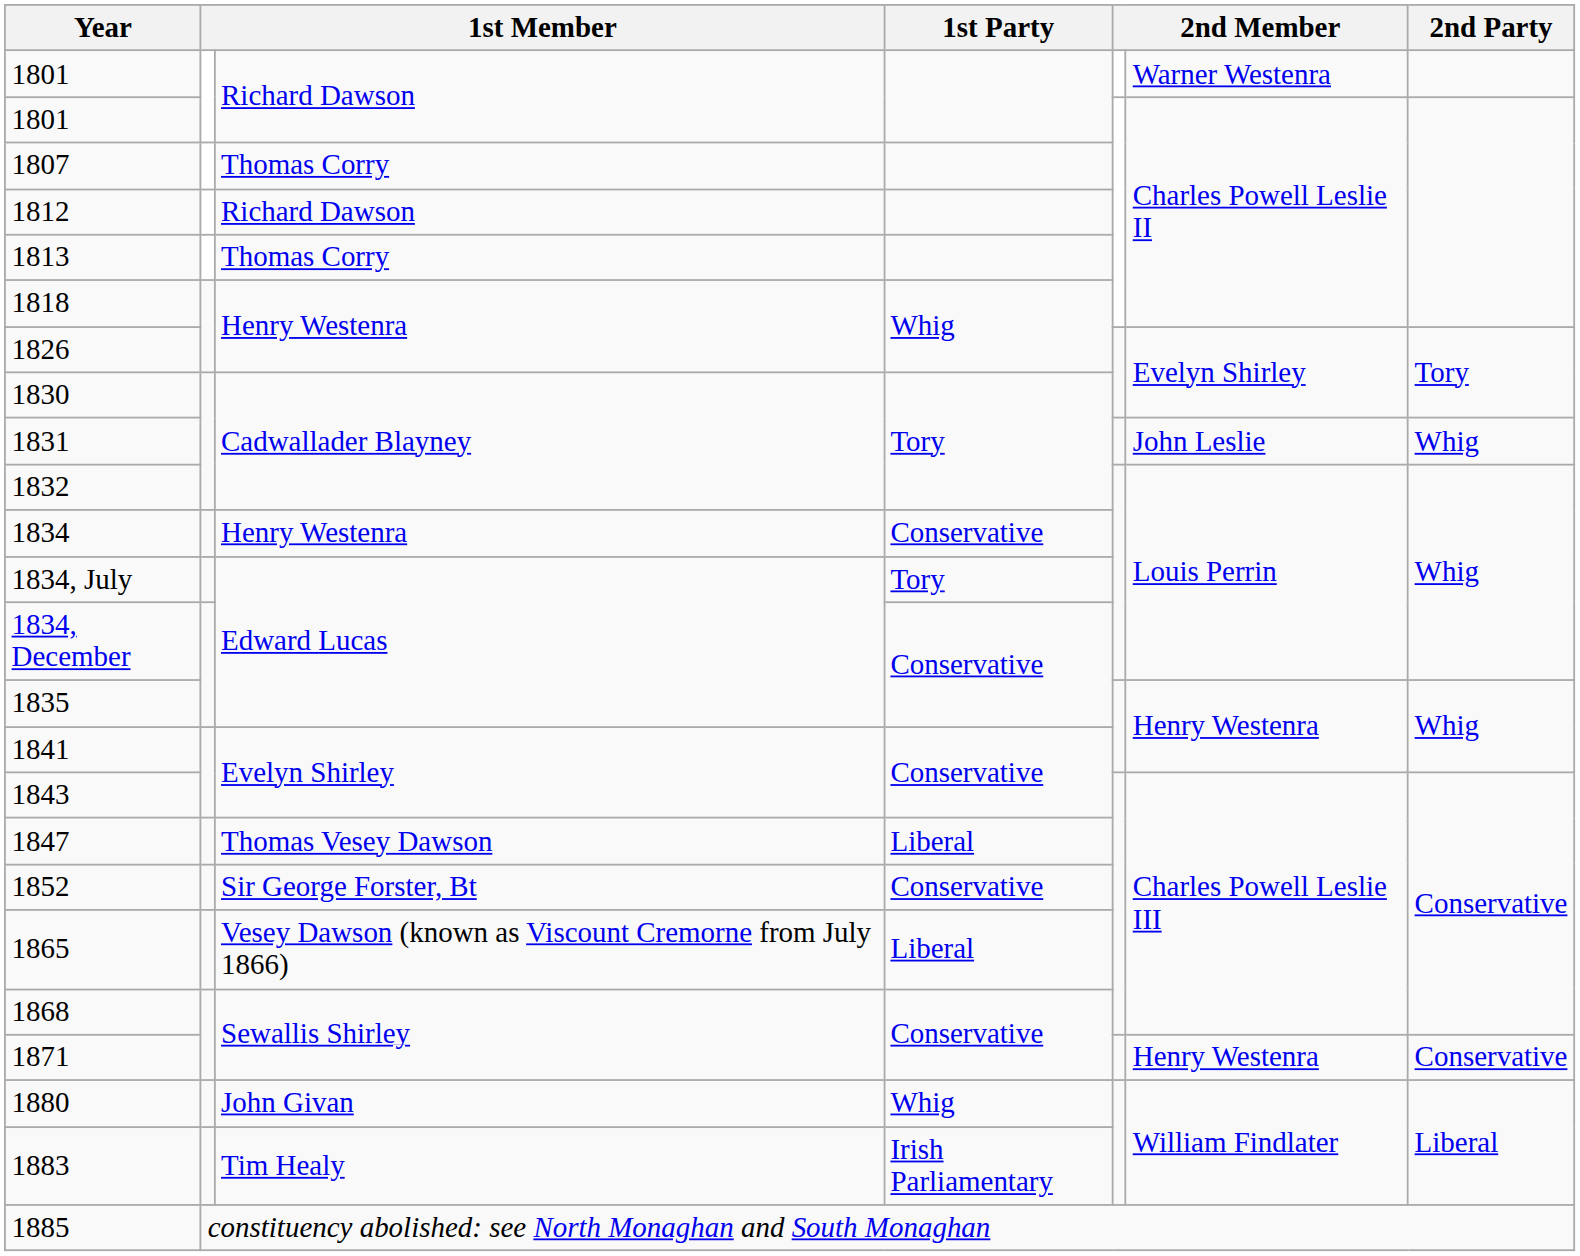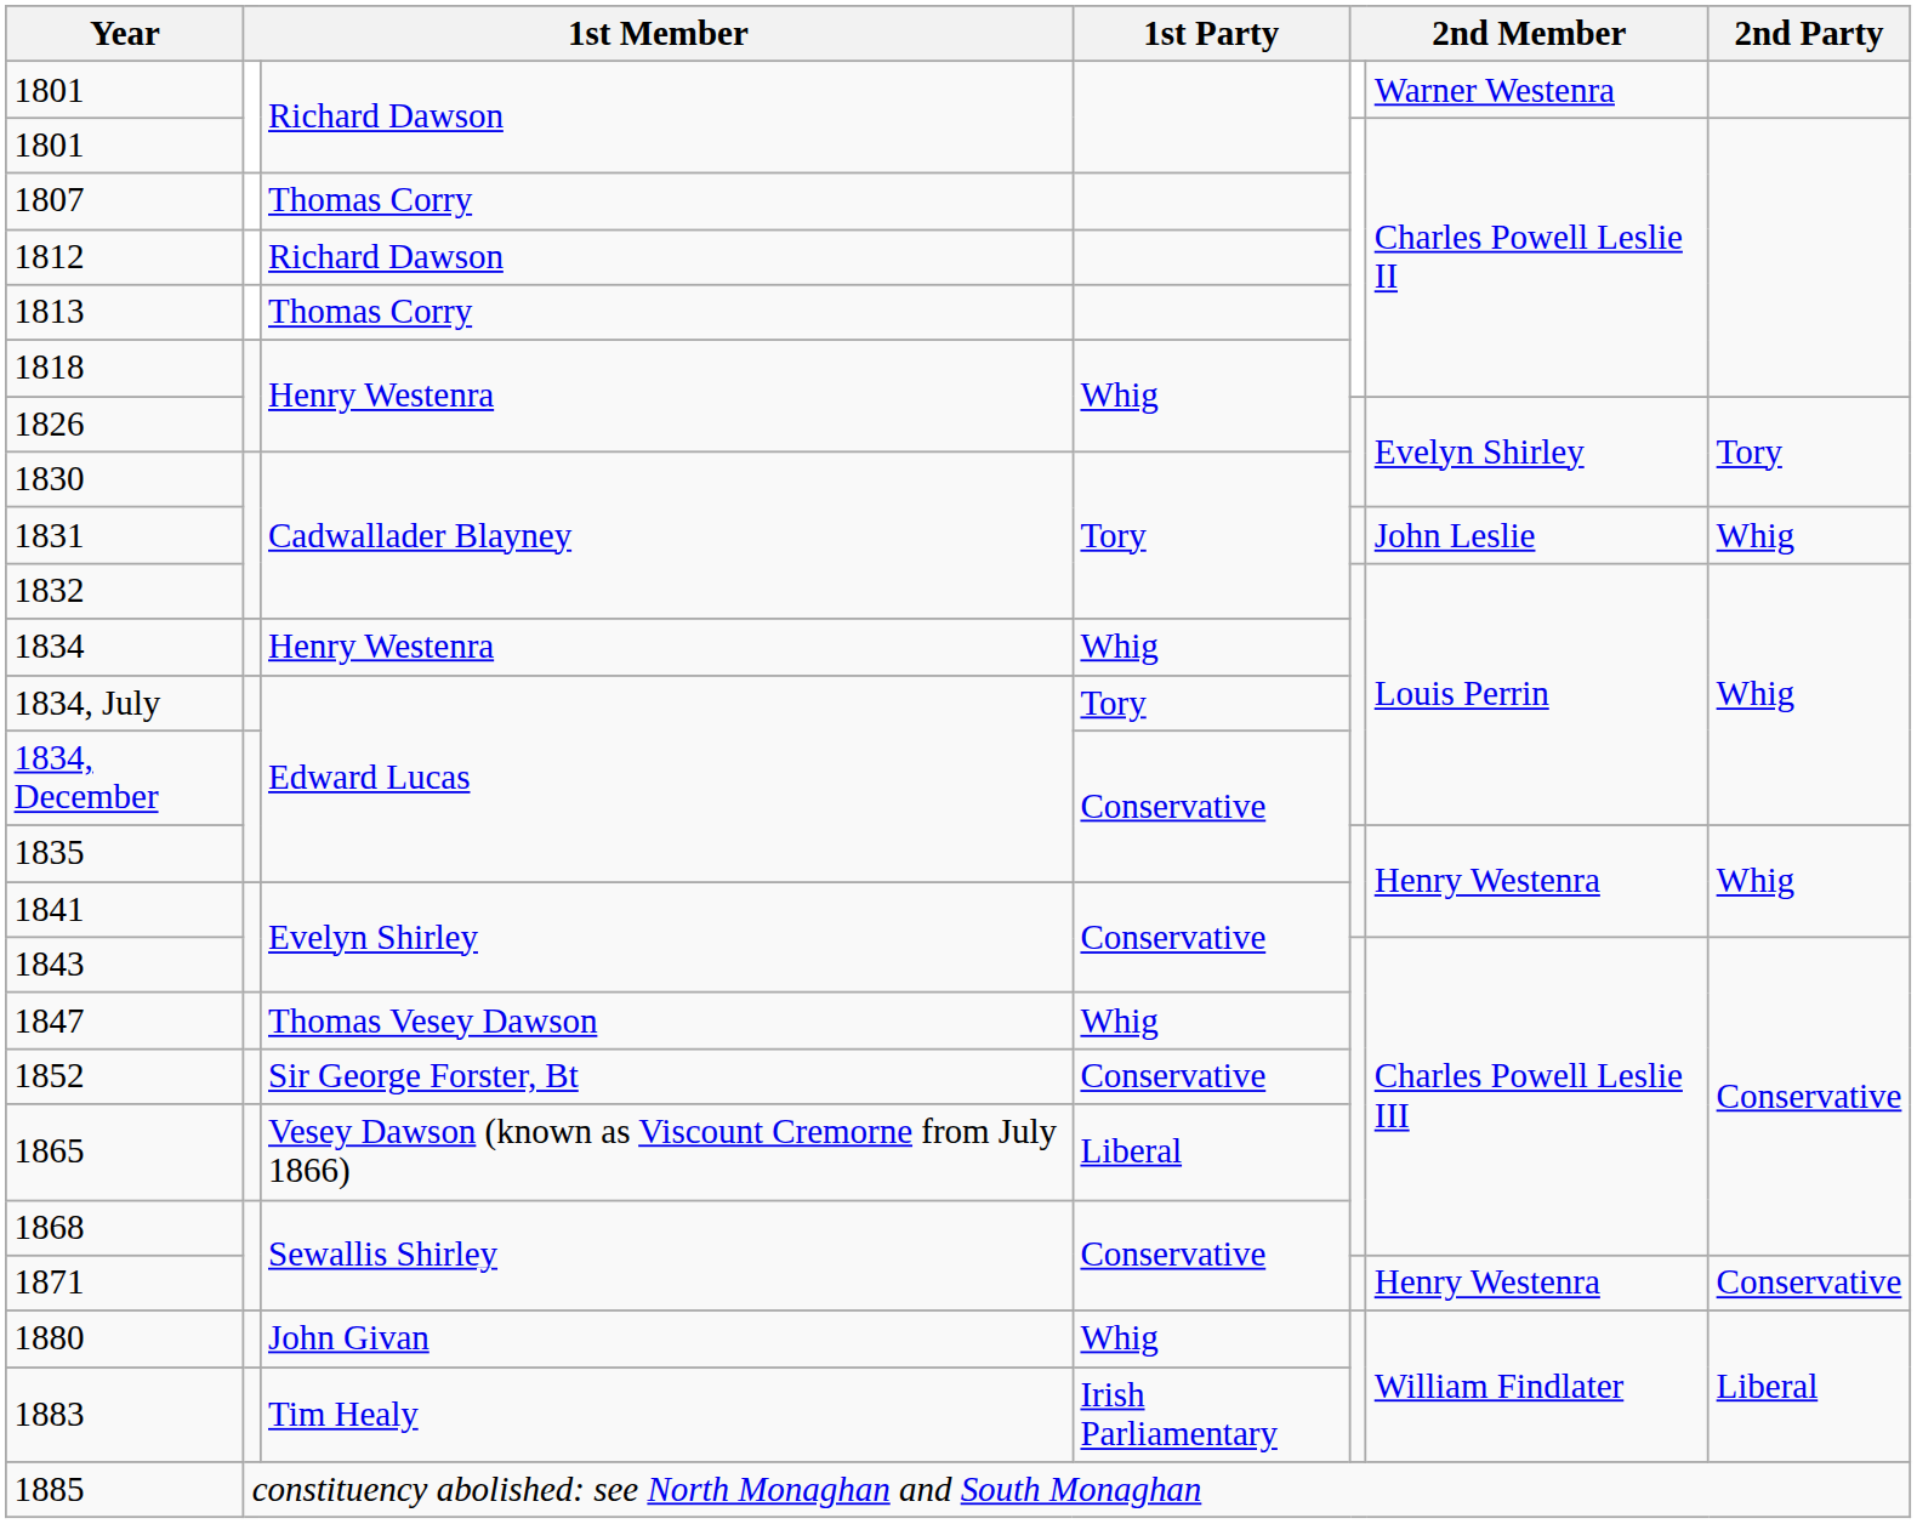 <table class="wikitable">
 <tr>
 <th>Year</th>
 <th colspan="2">1st Member</th>
 <th>1st Party</th>
 <th colspan="2">2nd Member</th>
 <th>2nd Party</th>
 </tr>
 <tr>
 <td>1801</td>
 <td rowspan="2" style="color:inherit;background-color: white"></td>
 <td rowspan="2"><a href='#'>Richard Dawson</a></td>
 <td rowspan="2"></td>
 <td style="color:inherit;background-color: white"></td>
 <td><a href='#'>Warner Westenra</a></td>
 <td></td>
 </tr>
 <tr>
 <td>1801</td>
 <td rowspan="5" style="color:inherit;background-color: white"></td>
 <td rowspan="5"><a href='#'>Charles Powell Leslie II</a></td>
 <td rowspan="5"></td>
 </tr>
 <tr>
 <td>1807</td>
 <td style="color:inherit;background-color: white"></td>
 <td><a href='#'>Thomas Corry</a></td>
 <td></td>
 </tr>
 <tr>
 <td>1812</td>
 <td style="color:inherit;background-color: white"></td>
 <td><a href='#'>Richard Dawson</a></td>
 <td></td>
 </tr>
 <tr>
 <td>1813</td>
 <td style="color:inherit;background-color: white"></td>
 <td><a href='#'>Thomas Corry</a></td>
 <td></td>
 </tr>
 <tr>
 <td>1818</td>
 <td rowspan="2" style="color:inherit;background-color: "></td>
 <td rowspan="2"><a href='#'>Henry Westenra</a></td>
 <td rowspan="2"><a href='#'>Whig</a></td>
 </tr>
 <tr>
 <td>1826</td>
 <td rowspan="2" style="color:inherit;background-color: "></td>
 <td rowspan="2"><a href='#'>Evelyn Shirley</a></td>
 <td rowspan="2"><a href='#'>Tory</a></td>
 </tr>
 <tr>
 <td>1830</td>
 <td rowspan="3" style="color:inherit;background-color: "></td>
 <td rowspan="3"><a href='#'>Cadwallader Blayney</a></td>
 <td rowspan="3"><a href='#'>Tory</a></td>
 </tr>
 <tr>
 <td>1831</td>
 <td style="color:inherit;background-color: "></td>
 <td><a href='#'>John Leslie</a></td>
 <td><a href='#'>Whig</a></td>
 </tr>
 <tr>
 <td>1832</td>
 <td rowspan="4" style="color:inherit;background-color: "></td>
 <td rowspan="4"><a href='#'>Louis Perrin</a></td>
 <td rowspan="4"><a href='#'>Whig</a></td>
 </tr>
 <tr>
 <td>1834</td>
 <td style="color:inherit;background-color: "></td>
 <td><a href='#'>Henry Westenra</a></td>
-<td><a href='#'>Conservative</a></td>
+<td><a href='#'>Whig</a></td>
 </tr>
 <tr>
 <td>1834, July</td>
 <td style="color:inherit;background-color: "></td>
 <td rowspan="3"><a href='#'>Edward Lucas</a></td>
 <td><a href='#'>Tory</a></td>
 </tr>
 <tr>
 <td><a href='#'>1834, December</a></td>
 <td rowspan="2" style="color:inherit;background-color: "></td>
 <td rowspan="2"><a href='#'>Conservative</a></td>
 </tr>
 <tr>
 <td>1835</td>
 <td rowspan="2" style="color:inherit;background-color: "></td>
 <td rowspan="2"><a href='#'>Henry Westenra</a></td>
 <td rowspan="2"><a href='#'>Whig</a></td>
 </tr>
 <tr>
 <td>1841</td>
 <td rowspan="2" style="color:inherit;background-color: "></td>
 <td rowspan="2"><a href='#'>Evelyn Shirley</a></td>
 <td rowspan="2"><a href='#'>Conservative</a></td>
 </tr>
 <tr>
 <td>1843</td>
 <td rowspan="5" style="color:inherit;background-color: "></td>
 <td rowspan="5"><a href='#'>Charles Powell Leslie III</a></td>
 <td rowspan="5"><a href='#'>Conservative</a></td>
 </tr>
 <tr>
 <td>1847</td>
 <td style="color:inherit;background-color: "></td>
 <td><a href='#'>Thomas Vesey Dawson</a></td>
-<td><a href='#'>Liberal</a></td>
+<td><a href='#'>Whig</a></td>
 </tr>
 <tr>
 <td>1852</td>
 <td style="color:inherit;background-color: "></td>
 <td><a href='#'>Sir George Forster, Bt</a></td>
 <td><a href='#'>Conservative</a></td>
 </tr>
 <tr>
 <td>1865</td>
 <td style="color:inherit;background-color: "></td>
 <td><a href='#'>Vesey Dawson</a> (known as <a href='#'>Viscount Cremorne</a> from July 1866)</td>
 <td><a href='#'>Liberal</a></td>
 </tr>
 <tr>
 <td>1868</td>
 <td rowspan="2" style="color:inherit;background-color: "></td>
 <td rowspan="2"><a href='#'>Sewallis Shirley</a></td>
 <td rowspan="2"><a href='#'>Conservative</a></td>
 </tr>
 <tr>
 <td>1871</td>
 <td style="color:inherit;background-color: "></td>
 <td><a href='#'>Henry Westenra</a></td>
 <td><a href='#'>Conservative</a></td>
 </tr>
 <tr>
 <td>1880</td>
 <td style="color:inherit;background-color: "></td>
 <td><a href='#'>John Givan</a></td>
 <td><a href='#'>Whig</a></td>
 <td rowspan="2" style="color:inherit;background-color: "></td>
 <td rowspan="2"><a href='#'>William Findlater</a></td>
 <td rowspan="2"><a href='#'>Liberal</a></td>
 </tr>
 <tr>
 <td>1883</td>
 <td style="color:inherit;background-color: "></td>
 <td><a href='#'>Tim Healy</a></td>
 <td><a href='#'>Irish Parliamentary</a></td>
 </tr>
 <tr>
 <td>1885</td>
 <td colspan="6"><em>constituency abolished: see <a href='#'>North Monaghan</a> and <a href='#'>South Monaghan</a></em></td>
 </tr>
 </table>
